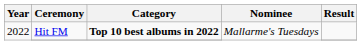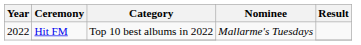 <table class="wikitable">
 <tr>
 <th>Year</th>
 <th>Ceremony</th>
 <th>Category</th>
 <th>Nominee</th>
 <th>Result</th>
 </tr>
 <tr>
 <td rowspan="2">2022</td>
 <td><a href='#'>Hit FM</a></td>
-<td><strong>Top 10 best albums in 2022</strong></td>
+<td>Top 10 best albums in 2022</td>
 <td rowspan="2"><em>Mallarme's Tuesdays</em></td>
 <td></td>
 </tr>
 <tr>
 </tr>
 </table>
